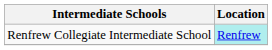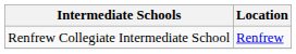 <table class="wikitable">
 <tr>
 <th>Intermediate Schools</th>
 <th>Location</th>
 </tr>
 <tr>
 <td>Renfrew Collegiate Intermediate School</td>
-<td style="background: paleturquoise;"><a href='#'>Renfrew</a></td>
+<td><a href='#'>Renfrew</a></td>
 </tr>
 <tr>
 </tr>
 </table>
